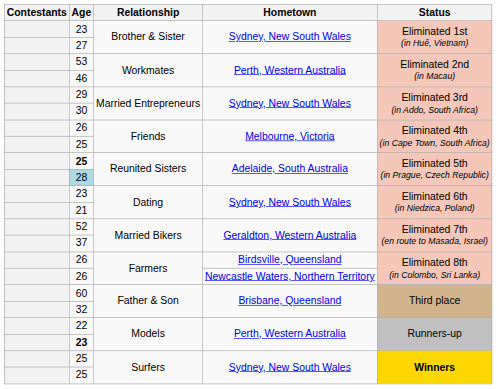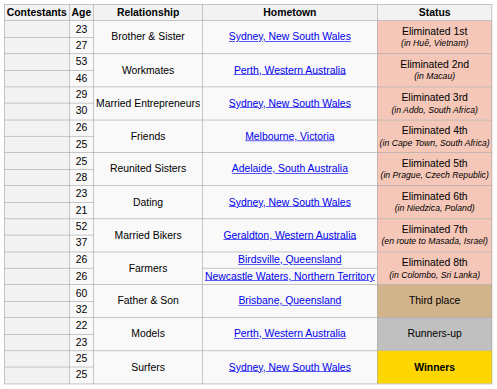 <table class="wikitable sortable" style="text-align:center;">
 <tr>
 <th scope="col">Contestants</th>
 <th scope="col">Age</th>
 <th scope="col" class="unsortable">Relationship</th>
 <th class="unsortable" scope="col">Hometown</th>
 <th scope="col">Status</th>
 </tr>
 <tr>
 <th scope="row"></th>
 <td>23</td>
 <td rowspan="2">Brother & Sister</td>
 <td rowspan="2"><a href='#'>Sydney, New South Wales</a></td>
 <td rowspan="2" bgcolor="f4c7b8">Eliminated 1st<br><small><em>(in Huế, Vietnam)</em></small></td>
 </tr>
 <tr>
 <th scope="row"></th>
 <td>27</td>
 </tr>
 <tr>
 <th scope="row"></th>
 <td>53</td>
 <td rowspan="2">Workmates</td>
 <td rowspan="2"><a href='#'>Perth, Western Australia</a></td>
 <td rowspan="2" bgcolor="f4c7b8">Eliminated 2nd<br><small><em>(in Macau)</em></small></td>
 </tr>
 <tr>
 <th scope="row"></th>
 <td>46</td>
 </tr>
 <tr>
 <th scope="row"></th>
 <td>29</td>
 <td rowspan="2">Married Entrepreneurs</td>
 <td rowspan="2"><a href='#'>Sydney, New South Wales</a></td>
 <td rowspan="2" bgcolor="f4c7b8">Eliminated 3rd<br><small><em>(in Addo, South Africa)</em></small></td>
 </tr>
 <tr>
 <th scope="row"></th>
 <td>30</td>
 </tr>
 <tr>
 <th scope="row"></th>
 <td>26</td>
 <td rowspan="2">Friends</td>
 <td rowspan="2"><a href='#'>Melbourne, Victoria</a></td>
 <td rowspan="2" bgcolor="f4c7b8">Eliminated 4th<br><small><em>(in Cape Town, South Africa)</em></small></td>
 </tr>
 <tr>
 <th scope="row"></th>
 <td>25</td>
 </tr>
 <tr>
 <th scope="row"></th>
-<td><strong>25</strong></td>
+<td>25</td>
 <td rowspan="2">Reunited Sisters</td>
 <td rowspan="2"><a href='#'>Adelaide, South Australia</a></td>
 <td rowspan="2" bgcolor="f4c7b8">Eliminated 5th<br><small><em>(in Prague, Czech Republic)</em></small></td>
 </tr>
 <tr>
 <th scope="row"></th>
-<td style="background: lightblue;">28</td>
+<td>28</td>
 </tr>
 <tr>
 <th scope="row"></th>
 <td>23</td>
 <td rowspan="2">Dating</td>
 <td rowspan="2"><a href='#'>Sydney, New South Wales</a></td>
 <td rowspan="2" bgcolor="f4c7b8">Eliminated 6th<br><small><em>(in Niedzica, Poland)</em></small></td>
 </tr>
 <tr>
 <th scope="row"></th>
 <td>21</td>
 </tr>
 <tr>
 <th scope="row"></th>
 <td>52</td>
 <td rowspan="2">Married Bikers</td>
 <td rowspan="2"><a href='#'>Geraldton, Western Australia</a></td>
 <td rowspan="2" bgcolor="f4c7b8">Eliminated 7th<br><small><em>(en route to Masada, Israel)</em></small></td>
 </tr>
 <tr>
 <th scope="row"></th>
 <td>37</td>
 </tr>
 <tr>
 <th scope="row"></th>
 <td>26</td>
 <td rowspan="2">Farmers</td>
 <td><a href='#'>Birdsville, Queensland</a></td>
 <td rowspan="2" bgcolor="f4c7b8">Eliminated 8th<br><small><em>(in Colombo, Sri Lanka)</em></small></td>
 </tr>
 <tr>
 <th scope="row"></th>
 <td>26</td>
 <td><a href='#'>Newcastle Waters, Northern Territory</a></td>
 </tr>
 <tr>
 <th scope="row"></th>
 <td>60</td>
 <td rowspan="2">Father & Son</td>
 <td rowspan="2"><a href='#'>Brisbane, Queensland</a></td>
 <td rowspan="2" bgcolor="tan">Third place</td>
 </tr>
 <tr>
 <th scope="row"></th>
 <td>32</td>
 </tr>
 <tr>
 <th scope="row"></th>
 <td>22</td>
 <td rowspan="2">Models</td>
 <td rowspan="2"><a href='#'>Perth, Western Australia</a></td>
 <td rowspan="2" bgcolor="silver">Runners-up</td>
 </tr>
 <tr>
 <th scope="row"></th>
-<td><strong>23</strong></td>
+<td>23</td>
 </tr>
 <tr>
 <th scope="row"></th>
 <td>25</td>
 <td rowspan="2">Surfers</td>
 <td rowspan="2"><a href='#'>Sydney, New South Wales</a></td>
 <td rowspan="2" bgcolor="gold"><strong>Winners</strong></td>
 </tr>
 <tr>
 <th scope="row"></th>
 <td>25</td>
 </tr>
 </table>
